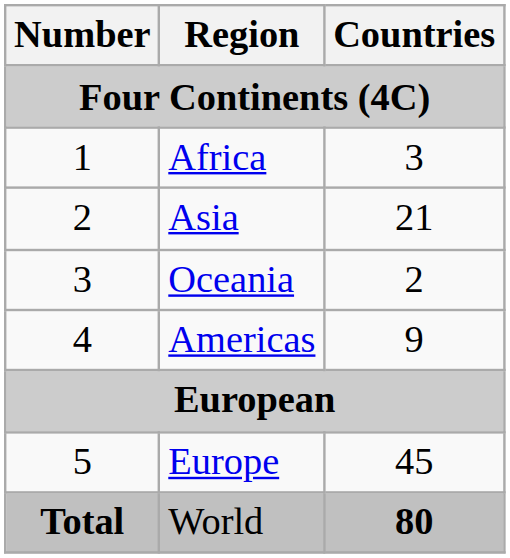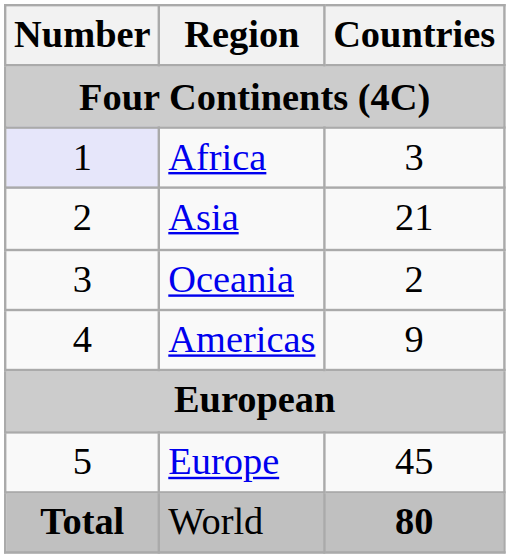 <table class="wikitable sortable">
 <tr>
 <th>Number</th>
 <th>Region</th>
 <th>Countries</th>
 </tr>
 <tr>
 <td colspan="3" bgcolor="#cccccc"align=center><strong>Four Continents (4C)</strong></td>
 </tr>
 <tr>
-<td align=center>1</td>
+<td align=center style="background: lavender;">1</td>
 <td><a href='#'>Africa</a></td>
 <td align=center>3</td>
 </tr>
 <tr>
 <td align=center>2</td>
 <td><a href='#'>Asia</a></td>
 <td align=center>21</td>
 </tr>
 <tr>
 <td align=center>3</td>
 <td><a href='#'>Oceania</a></td>
 <td align=center>2</td>
 </tr>
 <tr>
 <td align=center>4</td>
 <td><a href='#'>Americas</a></td>
 <td align=center>9</td>
 </tr>
 <tr>
 <td colspan="3" bgcolor="#cccccc"align=center><strong>European</strong></td>
 </tr>
 <tr>
 <td align=center>5</td>
 <td><a href='#'>Europe</a></td>
 <td align=center>45</td>
 </tr>
 <tr style="background:silver;">
 <td align=center><strong>Total</strong></td>
 <td>World</td>
 <td align=center><strong>80</strong></td>
 </tr>
 </table>
